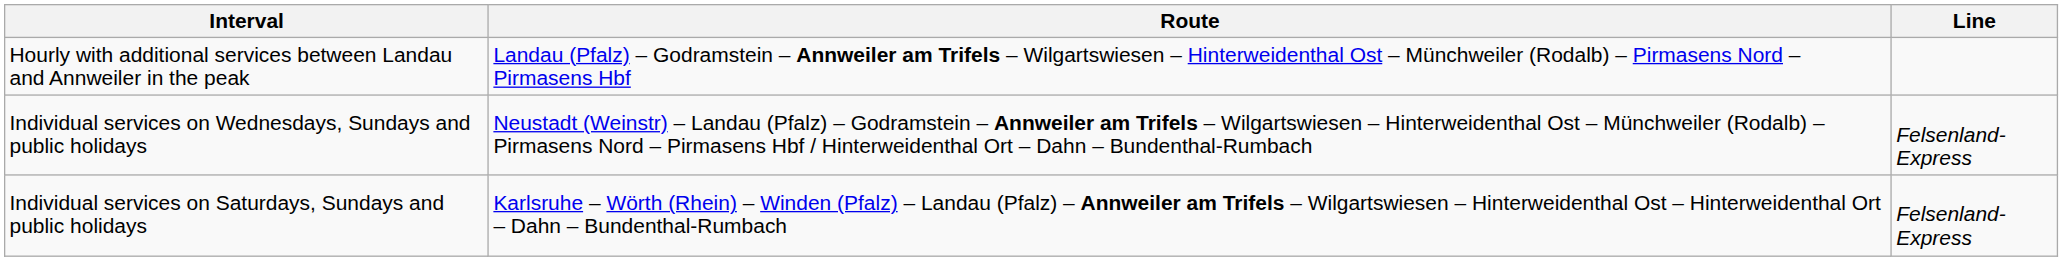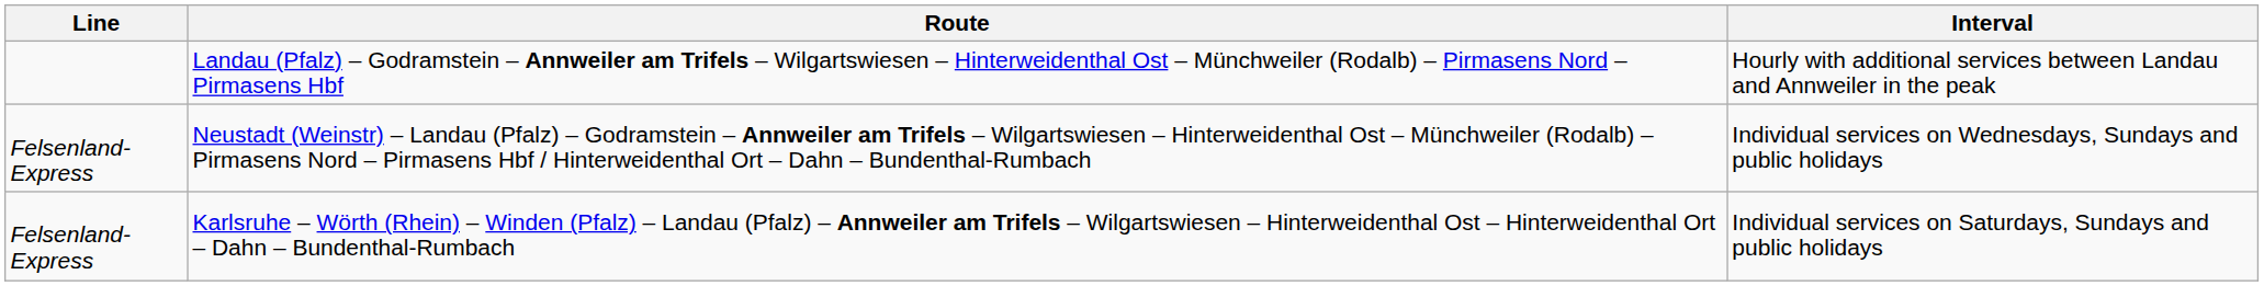 <table class="wikitable">
 <tr class="hintergrundfarbe6">
+<th>Line</th>
+<th>Route</th>
 <th>Interval</th>
-<th>Route</th>
-<th>Line</th>
 </tr>
 <tr>
+<td></td>
+<td><a href='#'>Landau (Pfalz)</a> – Godramstein – <strong>Annweiler am Trifels</strong> – Wilgartswiesen – <a href='#'>Hinterweidenthal Ost</a> – Münchweiler (Rodalb) – <a href='#'>Pirmasens Nord</a> – <a href='#'>Pirmasens Hbf</a></td>
 <td>Hourly with additional services between Landau and Annweiler in the peak</td>
-<td><a href='#'>Landau (Pfalz)</a> – Godramstein – <strong>Annweiler am Trifels</strong> – Wilgartswiesen – <a href='#'>Hinterweidenthal Ost</a> – Münchweiler (Rodalb) – <a href='#'>Pirmasens Nord</a> – <a href='#'>Pirmasens Hbf</a></td>
-<td></td>
 </tr>
 <tr>
+<td><br><em>Felsenland-Express</em></td>
+<td><a href='#'>Neustadt (Weinstr)</a> – Landau (Pfalz) – Godramstein – <strong>Annweiler am Trifels</strong> – Wilgartswiesen – Hinterweidenthal Ost – Münchweiler (Rodalb) – Pirmasens Nord – Pirmasens Hbf / Hinterweidenthal Ort – Dahn – Bundenthal-Rumbach</td>
 <td>Individual services on Wednesdays, Sundays and public holidays</td>
-<td><a href='#'>Neustadt (Weinstr)</a> – Landau (Pfalz) – Godramstein – <strong>Annweiler am Trifels</strong> – Wilgartswiesen – Hinterweidenthal Ost – Münchweiler (Rodalb) – Pirmasens Nord – Pirmasens Hbf / Hinterweidenthal Ort – Dahn – Bundenthal-Rumbach</td>
-<td><br><em>Felsenland-Express</em></td>
 </tr>
 <tr>
+<td><br><em>Felsenland-Express</em></td>
+<td><a href='#'>Karlsruhe</a> – <a href='#'>Wörth (Rhein)</a> – <a href='#'>Winden (Pfalz)</a> – Landau (Pfalz) – <strong>Annweiler am Trifels</strong> – Wilgartswiesen – Hinterweidenthal Ost – Hinterweidenthal Ort – Dahn – Bundenthal-Rumbach</td>
 <td>Individual services on Saturdays, Sundays and public holidays</td>
-<td><a href='#'>Karlsruhe</a> – <a href='#'>Wörth (Rhein)</a> – <a href='#'>Winden (Pfalz)</a> – Landau (Pfalz) – <strong>Annweiler am Trifels</strong> – Wilgartswiesen – Hinterweidenthal Ost – Hinterweidenthal Ort – Dahn – Bundenthal-Rumbach</td>
-<td><br><em>Felsenland-Express</em></td>
 </tr>
 </table>
